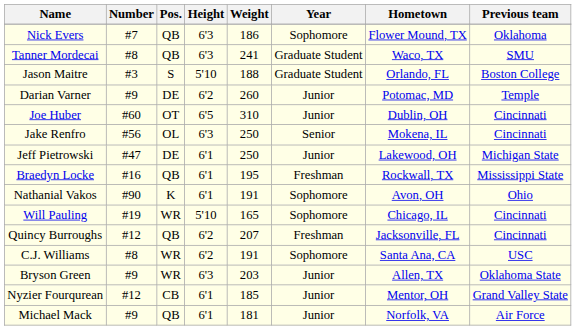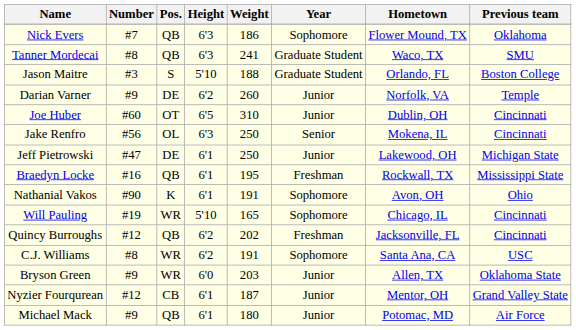 <table class="wikitable sortable sortable" style="text-align: center">
 <tr align=center>
 <th>Name</th>
 <th>Number</th>
 <th>Pos.</th>
 <th>Height</th>
 <th>Weight</th>
 <th>Year</th>
 <th>Hometown</th>
 <th>Previous team</th>
 </tr>
 <tr>
 </tr>
 <tr style="background:#FFFFE6;">
 <td><a href='#'>Nick Evers</a></td>
 <td>#7</td>
 <td>QB</td>
 <td>6'3</td>
 <td>186</td>
 <td>Sophomore</td>
 <td><a href='#'>Flower Mound, TX</a></td>
 <td><a href='#'>Oklahoma</a></td>
 </tr>
 <tr style="background:#FFFFE6;">
 <td><a href='#'>Tanner Mordecai</a></td>
 <td>#8</td>
 <td>QB</td>
 <td>6'3</td>
 <td>241</td>
 <td>Graduate Student</td>
 <td><a href='#'>Waco, TX</a></td>
 <td><a href='#'>SMU</a></td>
 </tr>
 <tr style="background:#FFFFE6;">
 <td>Jason Maitre</td>
 <td>#3</td>
 <td>S</td>
 <td>5'10</td>
 <td>188</td>
 <td>Graduate Student</td>
 <td><a href='#'>Orlando, FL</a></td>
 <td><a href='#'>Boston College</a></td>
 </tr>
 <tr style="background:#FFFFE6;">
 <td>Darian Varner</td>
 <td>#9</td>
 <td>DE</td>
 <td>6'2</td>
 <td>260</td>
 <td>Junior</td>
-<td><a href='#'>Potomac, MD</a></td>
+<td><a href='#'>Norfolk, VA</a></td>
 <td><a href='#'>Temple</a></td>
 </tr>
 <tr style="background:#FFFFE6;">
 <td><a href='#'>Joe Huber</a></td>
 <td>#60</td>
 <td>OT</td>
 <td>6'5</td>
 <td>310</td>
 <td>Junior </td>
 <td><a href='#'>Dublin, OH</a></td>
 <td><a href='#'>Cincinnati</a></td>
 </tr>
 <tr style="background:#FFFFE6;">
 <td>Jake Renfro</td>
 <td>#56</td>
 <td>OL</td>
 <td>6'3</td>
 <td>250</td>
 <td>Senior</td>
 <td><a href='#'>Mokena, IL</a></td>
 <td><a href='#'>Cincinnati</a></td>
 </tr>
 <tr style="background:#FFFFE6;">
 <td>Jeff Pietrowski</td>
 <td>#47</td>
 <td>DE</td>
 <td>6'1</td>
 <td>250</td>
 <td>Junior </td>
 <td><a href='#'>Lakewood, OH</a></td>
 <td><a href='#'>Michigan State</a></td>
 </tr>
 <tr style="background:#FFFFE6;">
 <td><a href='#'>Braedyn Locke</a></td>
 <td>#16</td>
 <td>QB</td>
 <td>6'1</td>
 <td>195</td>
 <td>Freshman </td>
 <td><a href='#'>Rockwall, TX</a></td>
 <td><a href='#'>Mississippi State</a></td>
 </tr>
 <tr style="background:#FFFFE6;">
 <td>Nathanial Vakos</td>
 <td>#90</td>
 <td>K</td>
 <td>6'1</td>
 <td>191</td>
 <td>Sophomore</td>
 <td><a href='#'>Avon, OH</a></td>
 <td><a href='#'>Ohio</a></td>
 </tr>
 <tr style="background:#FFFFE6;">
 <td><a href='#'>Will Pauling</a></td>
 <td>#19</td>
 <td>WR</td>
 <td>5'10</td>
 <td>165</td>
 <td>Sophomore </td>
 <td><a href='#'>Chicago, IL</a></td>
 <td><a href='#'>Cincinnati</a></td>
 </tr>
 <tr style="background:#FFFFE6;">
 <td>Quincy Burroughs</td>
 <td>#12</td>
 <td>QB</td>
 <td>6'2</td>
-<td>207</td>
+<td>202</td>
 <td>Freshman </td>
 <td><a href='#'>Jacksonville, FL</a></td>
 <td><a href='#'>Cincinnati</a></td>
 </tr>
 <tr style="background:#FFFFE6;">
 <td>C.J. Williams</td>
 <td>#8</td>
 <td>WR</td>
 <td>6'2</td>
 <td>191</td>
 <td>Sophomore</td>
 <td><a href='#'>Santa Ana, CA</a></td>
 <td><a href='#'>USC</a></td>
 </tr>
 <tr style="background:#FFFFE6;">
 <td>Bryson Green</td>
 <td>#9</td>
 <td>WR</td>
-<td>6'3</td>
+<td>6'0</td>
 <td>203</td>
 <td>Junior</td>
 <td><a href='#'>Allen, TX</a></td>
 <td><a href='#'>Oklahoma State</a></td>
 </tr>
 <tr style="background:#FFFFE6;">
 <td>Nyzier Fourqurean</td>
 <td>#12</td>
 <td>CB</td>
 <td>6'1</td>
-<td>185</td>
+<td>187</td>
 <td>Junior</td>
 <td><a href='#'>Mentor, OH</a></td>
 <td><a href='#'>Grand Valley State</a></td>
 </tr>
 <tr style="background:#FFFFE6;">
 <td>Michael Mack</td>
 <td>#9</td>
 <td>QB</td>
 <td>6'1</td>
-<td>181</td>
+<td>180</td>
 <td>Junior</td>
-<td><a href='#'>Norfolk, VA</a></td>
+<td><a href='#'>Potomac, MD</a></td>
 <td><a href='#'>Air Force</a></td>
 </tr>
 </table>
